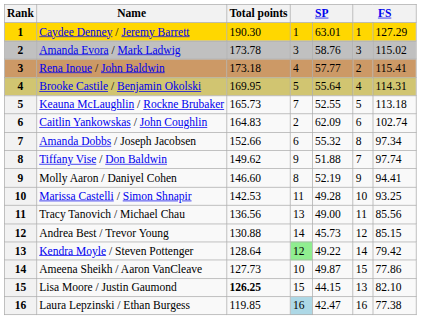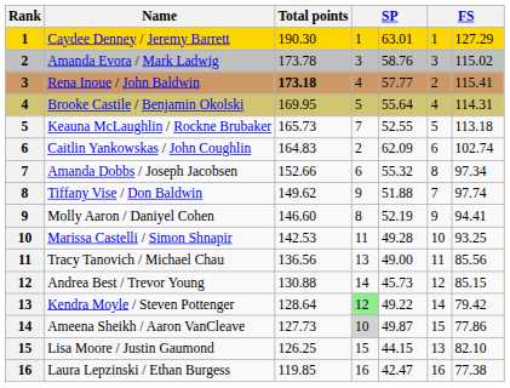 <table class="wikitable sortable">
 <tr>
 <th>Rank</th>
 <th>Name</th>
 <th>Total points</th>
 <th colspan="2" width="80px"><a href='#'>SP</a></th>
 <th colspan="2" width="80px"><a href='#'>FS</a></th>
 </tr>
 <tr bgcolor="gold">
 <td align="center"><strong>1</strong></td>
 <td><a href='#'>Caydee Denney</a> / <a href='#'>Jeremy Barrett</a></td>
 <td>190.30</td>
 <td>1</td>
 <td>63.01</td>
 <td>1</td>
 <td>127.29</td>
 </tr>
 <tr bgcolor="silver">
 <td align="center"><strong>2</strong></td>
 <td><a href='#'>Amanda Evora</a> / <a href='#'>Mark Ladwig</a></td>
 <td>173.78</td>
 <td>3</td>
 <td>58.76</td>
 <td>3</td>
 <td>115.02</td>
 </tr>
 <tr bgcolor="cc9966">
 <td align="center"><strong>3</strong></td>
 <td><a href='#'>Rena Inoue</a> / <a href='#'>John Baldwin</a></td>
-<td>173.18</td>
+<td><strong>173.18</strong></td>
 <td>4</td>
 <td>57.77</td>
 <td>2</td>
 <td>115.41</td>
 </tr>
 <tr bgcolor="#d1c571">
 <td align="center"><strong>4</strong></td>
 <td><a href='#'>Brooke Castile</a> / <a href='#'>Benjamin Okolski</a></td>
 <td>169.95</td>
 <td>5</td>
 <td>55.64</td>
 <td>4</td>
 <td>114.31</td>
 </tr>
 <tr>
 <th>5</th>
 <td><a href='#'>Keauna McLaughlin</a> / <a href='#'>Rockne Brubaker</a></td>
 <td>165.73</td>
 <td>7</td>
 <td>52.55</td>
 <td>5</td>
 <td>113.18</td>
 </tr>
 <tr>
 <th>6</th>
 <td><a href='#'>Caitlin Yankowskas</a> / <a href='#'>John Coughlin</a></td>
 <td>164.83</td>
 <td>2</td>
 <td>62.09</td>
 <td>6</td>
 <td>102.74</td>
 </tr>
 <tr>
 <th>7</th>
 <td><a href='#'>Amanda Dobbs</a> / Joseph Jacobsen</td>
 <td>152.66</td>
 <td>6</td>
 <td>55.32</td>
 <td>8</td>
 <td>97.34</td>
 </tr>
 <tr>
 <th>8</th>
 <td><a href='#'>Tiffany Vise</a> / <a href='#'>Don Baldwin</a></td>
 <td>149.62</td>
 <td>9</td>
 <td>51.88</td>
 <td>7</td>
 <td>97.74</td>
 </tr>
 <tr>
 <th>9</th>
 <td>Molly Aaron / Daniyel Cohen</td>
 <td>146.60</td>
 <td>8</td>
 <td>52.19</td>
 <td>9</td>
 <td>94.41</td>
 </tr>
 <tr>
 <th>10</th>
 <td><a href='#'>Marissa Castelli</a> / <a href='#'>Simon Shnapir</a></td>
 <td>142.53</td>
 <td>11</td>
 <td>49.28</td>
 <td>10</td>
 <td>93.25</td>
 </tr>
 <tr>
 <th>11</th>
 <td>Tracy Tanovich / Michael Chau</td>
 <td>136.56</td>
 <td>13</td>
 <td>49.00</td>
 <td>11</td>
 <td>85.56</td>
 </tr>
 <tr>
 <th>12</th>
 <td>Andrea Best / Trevor Young</td>
 <td>130.88</td>
 <td>14</td>
 <td>45.73</td>
 <td>12</td>
 <td>85.15</td>
 </tr>
 <tr>
 <th>13</th>
 <td><a href='#'>Kendra Moyle</a> / Steven Pottenger</td>
 <td>128.64</td>
 <td style="background: lightgreen;">12</td>
 <td>49.22</td>
 <td>14</td>
 <td>79.42</td>
 </tr>
 <tr>
 <th>14</th>
 <td>Ameena Sheikh / Aaron VanCleave</td>
 <td>127.73</td>
-<td>10</td>
+<td style="background: lightgrey;">10</td>
 <td>49.87</td>
 <td>15</td>
 <td>77.86</td>
 </tr>
 <tr>
 <th>15</th>
 <td>Lisa Moore / Justin Gaumond</td>
-<td><strong>126.25</strong></td>
+<td>126.25</td>
 <td>15</td>
 <td>44.15</td>
 <td>13</td>
 <td>82.10</td>
 </tr>
 <tr>
 <th>16</th>
 <td>Laura Lepzinski / Ethan Burgess</td>
 <td>119.85</td>
-<td style="background: lightblue;">16</td>
+<td>16</td>
 <td>42.47</td>
 <td>16</td>
 <td>77.38</td>
 </tr>
 </table>
